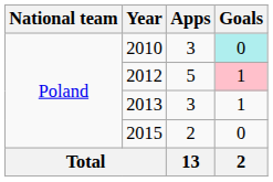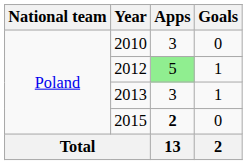 <table class="wikitable" style="text-align:center">
 <tr>
 <th>National team</th>
 <th>Year</th>
 <th>Apps</th>
 <th>Goals</th>
 </tr>
 <tr>
 <td rowspan="4"><a href='#'>Poland</a></td>
 <td>2010</td>
 <td>3</td>
-<td style="background: paleturquoise;">0</td>
+<td>0</td>
 </tr>
 <tr>
 <td>2012</td>
-<td>5</td>
-<td style="background: pink;">1</td>
+<td style="background: lightgreen;">5</td>
+<td>1</td>
 </tr>
 <tr>
 <td>2013</td>
 <td>3</td>
 <td>1</td>
 </tr>
 <tr>
 <td>2015</td>
-<td>2</td>
+<td><strong>2</strong></td>
 <td>0</td>
 </tr>
 <tr>
 <th colspan="2">Total</th>
 <th>13</th>
 <th>2</th>
 </tr>
 </table>
